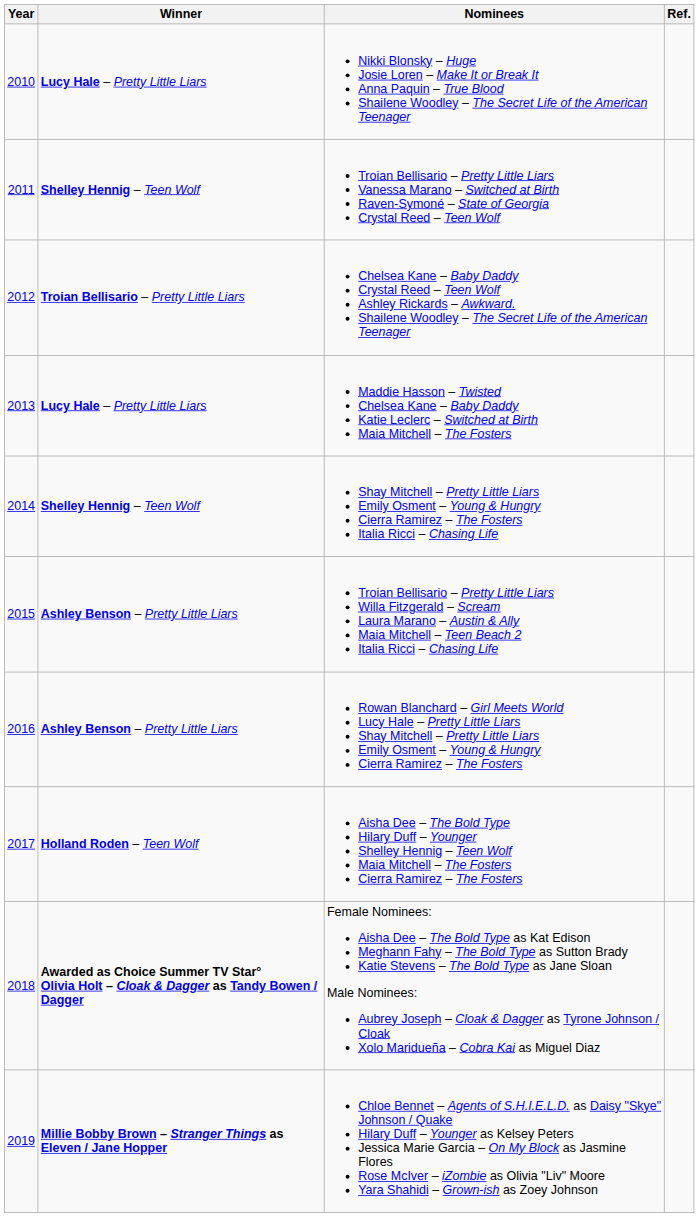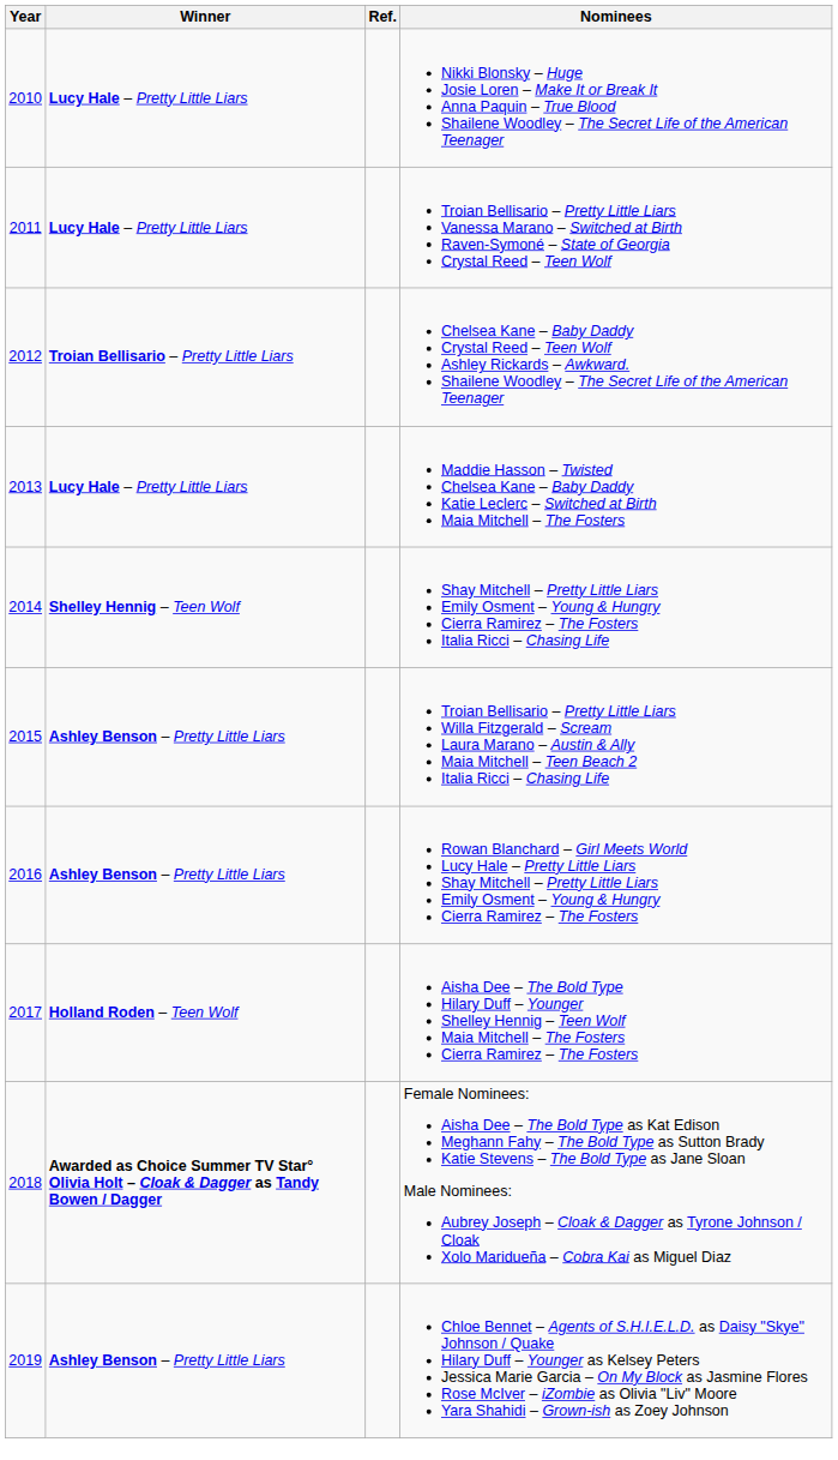 <table class="wikitable" width=70%>
 <tr>
 <th>Year</th>
 <th>Winner</th>
+<th>Ref.</th>
 <th>Nominees</th>
-<th>Ref.</th>
 </tr>
 <tr>
 <td align="center"><a href='#'>2010</a></td>
 <td><strong><a href='#'>Lucy Hale</a></strong> – <em><a href='#'>Pretty Little Liars</a></em></td>
+<td align="center"></td>
 <td><br><ul><li><a href='#'>Nikki Blonsky</a> – <em><a href='#'>Huge</a></em></li><li><a href='#'>Josie Loren</a> – <em><a href='#'>Make It or Break It</a></em></li><li><a href='#'>Anna Paquin</a> – <em><a href='#'>True Blood</a></em></li><li><a href='#'>Shailene Woodley</a> – <em><a href='#'>The Secret Life of the American Teenager</a></em></li></ul></td>
-<td align="center"></td>
 </tr>
 <tr>
 <td align="center"><a href='#'>2011</a></td>
-<td><strong><a href='#'>Shelley Hennig</a></strong> – <em><a href='#'>Teen Wolf</a></em></td>
+<td><strong><a href='#'>Lucy Hale</a></strong> – <em><a href='#'>Pretty Little Liars</a></em></td>
+<td align="center"></td>
 <td><br><ul><li><a href='#'>Troian Bellisario</a> – <em><a href='#'>Pretty Little Liars</a></em></li><li><a href='#'>Vanessa Marano</a> – <em><a href='#'>Switched at Birth</a></em></li><li><a href='#'>Raven-Symoné</a> – <em><a href='#'>State of Georgia</a></em></li><li><a href='#'>Crystal Reed</a> – <em><a href='#'>Teen Wolf</a></em></li></ul></td>
-<td align="center"></td>
 </tr>
 <tr>
 <td align="center"><a href='#'>2012</a></td>
 <td><strong><a href='#'>Troian Bellisario</a></strong> – <em><a href='#'>Pretty Little Liars</a></em></td>
+<td align="center"></td>
 <td><br><ul><li><a href='#'>Chelsea Kane</a> – <em><a href='#'>Baby Daddy</a></em></li><li><a href='#'>Crystal Reed</a> – <em><a href='#'>Teen Wolf</a></em></li><li><a href='#'>Ashley Rickards</a> – <em><a href='#'>Awkward.</a></em></li><li><a href='#'>Shailene Woodley</a> – <em><a href='#'>The Secret Life of the American Teenager</a></em></li></ul></td>
-<td align="center"></td>
 </tr>
 <tr>
 <td align="center"><a href='#'>2013</a></td>
 <td><strong><a href='#'>Lucy Hale</a></strong> – <em><a href='#'>Pretty Little Liars</a></em></td>
+<td align="center"></td>
 <td><br><ul><li><a href='#'>Maddie Hasson</a> – <em><a href='#'>Twisted</a></em></li><li><a href='#'>Chelsea Kane</a> – <em><a href='#'>Baby Daddy</a></em></li><li><a href='#'>Katie Leclerc</a> – <em><a href='#'>Switched at Birth</a></em></li><li><a href='#'>Maia Mitchell</a> – <em><a href='#'>The Fosters</a></em></li></ul></td>
-<td align="center"></td>
 </tr>
 <tr>
 <td align="center"><a href='#'>2014</a></td>
 <td><strong><a href='#'>Shelley Hennig</a></strong> – <em><a href='#'>Teen Wolf</a></em></td>
+<td align="center"></td>
 <td><br><ul><li><a href='#'>Shay Mitchell</a> – <em><a href='#'>Pretty Little Liars</a></em></li><li><a href='#'>Emily Osment</a> – <em><a href='#'>Young & Hungry</a></em></li><li><a href='#'>Cierra Ramirez</a> – <em><a href='#'>The Fosters</a></em></li><li><a href='#'>Italia Ricci</a> – <em><a href='#'>Chasing Life</a></em></li></ul></td>
-<td align="center"></td>
 </tr>
 <tr>
 <td align="center"><a href='#'>2015</a></td>
 <td><strong><a href='#'>Ashley Benson</a></strong> – <em><a href='#'>Pretty Little Liars</a></em></td>
+<td align="center"></td>
 <td><br><ul><li><a href='#'>Troian Bellisario</a> – <em><a href='#'>Pretty Little Liars</a></em></li><li><a href='#'>Willa Fitzgerald</a> – <em><a href='#'>Scream</a></em></li><li><a href='#'>Laura Marano</a> – <em><a href='#'>Austin & Ally</a></em></li><li><a href='#'>Maia Mitchell</a> – <em><a href='#'>Teen Beach 2</a></em></li><li><a href='#'>Italia Ricci</a> – <em><a href='#'>Chasing Life</a></em></li></ul></td>
-<td align="center"></td>
 </tr>
 <tr>
 <td align="center"><a href='#'>2016</a></td>
 <td><strong><a href='#'>Ashley Benson</a></strong> – <em><a href='#'>Pretty Little Liars</a></em></td>
+<td align="center"></td>
 <td><br><ul><li><a href='#'>Rowan Blanchard</a> – <em><a href='#'>Girl Meets World</a></em></li><li><a href='#'>Lucy Hale</a> – <em><a href='#'>Pretty Little Liars</a></em></li><li><a href='#'>Shay Mitchell</a> – <em><a href='#'>Pretty Little Liars</a></em></li><li><a href='#'>Emily Osment</a> – <em><a href='#'>Young & Hungry</a></em></li><li><a href='#'>Cierra Ramirez</a> – <em><a href='#'>The Fosters</a></em></li></ul></td>
-<td align="center"></td>
 </tr>
 <tr>
 <td align="center"><a href='#'>2017</a></td>
 <td><strong><a href='#'>Holland Roden</a></strong> – <em><a href='#'>Teen Wolf</a></em></td>
+<td align="center"></td>
 <td><br><ul><li><a href='#'>Aisha Dee</a> – <em><a href='#'>The Bold Type</a></em></li><li><a href='#'>Hilary Duff</a> – <em><a href='#'>Younger</a></em></li><li><a href='#'>Shelley Hennig</a> – <em><a href='#'>Teen Wolf</a></em></li><li><a href='#'>Maia Mitchell</a> – <em><a href='#'>The Fosters</a></em></li><li><a href='#'>Cierra Ramirez</a> – <em><a href='#'>The Fosters</a></em></li></ul></td>
-<td align="center"></td>
 </tr>
 <tr>
 <td><a href='#'>2018</a></td>
 <td><strong>Awarded as Choice Summer TV Star°</strong><br><strong><a href='#'>Olivia Holt</a> – <em><a href='#'>Cloak & Dagger</a></em> as <a href='#'>Tandy Bowen / Dagger</a></strong></td>
+<td align="center"></td>
 <td>Female Nominees:<br><ul><li><a href='#'>Aisha Dee</a> – <em><a href='#'>The Bold Type</a></em> as Kat Edison</li><li><a href='#'>Meghann Fahy</a> – <em><a href='#'>The Bold Type</a></em> as Sutton Brady</li><li><a href='#'>Katie Stevens</a> – <em><a href='#'>The Bold Type</a></em> as Jane Sloan</li></ul>Male Nominees:<ul><li><a href='#'>Aubrey Joseph</a> – <em><a href='#'>Cloak & Dagger</a></em> as <a href='#'>Tyrone Johnson / Cloak</a></li><li><a href='#'>Xolo Maridueña</a> – <em><a href='#'>Cobra Kai</a></em> as Miguel Diaz</li></ul></td>
-<td align="center"></td>
 </tr>
 <tr>
 <td><a href='#'>2019</a></td>
-<td><strong><a href='#'>Millie Bobby Brown</a> – <em><a href='#'>Stranger Things</a></em> as <a href='#'>Eleven / Jane Hopper</a></strong></td>
+<td><strong><a href='#'>Ashley Benson</a></strong> – <em><a href='#'>Pretty Little Liars</a></em></td>
+<td align="center"></td>
 <td><br><ul><li><a href='#'>Chloe Bennet</a> – <em><a href='#'>Agents of S.H.I.E.L.D.</a></em> as <a href='#'>Daisy "Skye" Johnson / Quake</a></li><li><a href='#'>Hilary Duff</a> – <em><a href='#'>Younger</a></em> as Kelsey Peters</li><li>Jessica Marie Garcia – <em><a href='#'>On My Block</a></em> as Jasmine Flores</li><li><a href='#'>Rose McIver</a> – <em><a href='#'>iZombie</a></em> as Olivia "Liv" Moore</li><li><a href='#'>Yara Shahidi</a> – <em><a href='#'>Grown-ish</a></em> as Zoey Johnson</li></ul></td>
-<td align="center"></td>
 </tr>
 </table>
